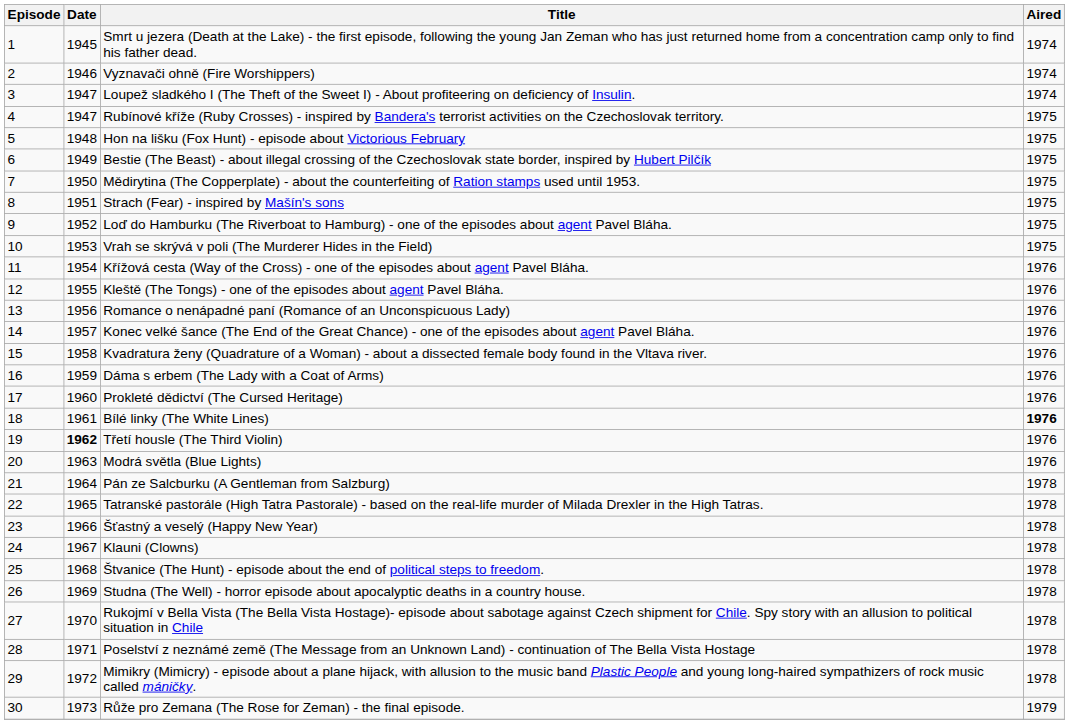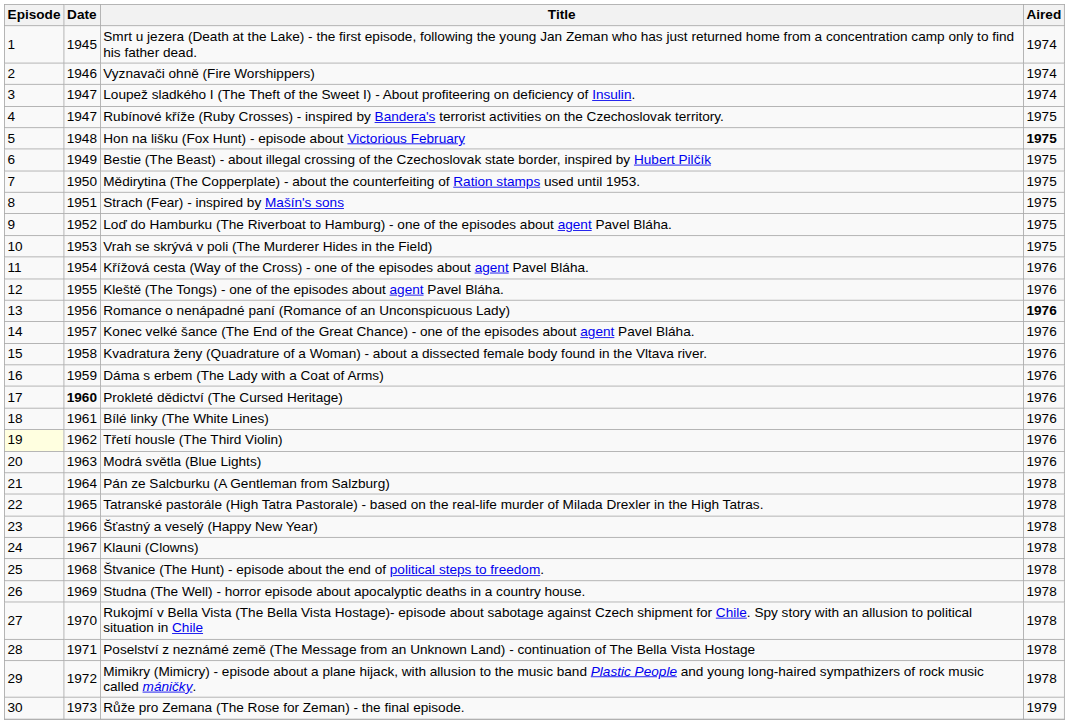 <table class="wikitable">
 <tr>
 <th>Episode</th>
 <th>Date</th>
 <th>Title</th>
 <th>Aired</th>
 </tr>
 <tr>
 <td>1</td>
 <td>1945</td>
 <td>Smrt u jezera (Death at the Lake) - the first episode, following the young Jan Zeman who has just returned home from a concentration camp only to find his father dead.</td>
 <td>1974</td>
 </tr>
 <tr>
 <td>2</td>
 <td>1946</td>
 <td>Vyznavači ohně (Fire Worshippers)</td>
 <td>1974</td>
 </tr>
 <tr>
 <td>3</td>
 <td>1947</td>
 <td>Loupež sladkého I (The Theft of the Sweet I) - About profiteering on deficiency of <a href='#'>Insulin</a>.</td>
 <td>1974</td>
 </tr>
 <tr>
 <td>4</td>
 <td>1947</td>
 <td>Rubínové kříže (Ruby Crosses) - inspired by <a href='#'>Bandera's</a> terrorist activities  on the Czechoslovak territory.</td>
 <td>1975</td>
 </tr>
 <tr>
 <td>5</td>
 <td>1948</td>
 <td>Hon na lišku (Fox Hunt) - episode about <a href='#'>Victorious February</a></td>
-<td>1975</td>
+<td><strong>1975</strong></td>
 </tr>
 <tr>
 <td>6</td>
 <td>1949</td>
 <td>Bestie (The Beast) - about illegal crossing of the Czechoslovak state border, inspired by <a href='#'>Hubert Pilčík</a></td>
 <td>1975</td>
 </tr>
 <tr>
 <td>7</td>
 <td>1950</td>
 <td>Mědirytina (The Copperplate) - about the counterfeiting of <a href='#'>Ration stamps</a> used until 1953.</td>
 <td>1975</td>
 </tr>
 <tr>
 <td>8</td>
 <td>1951</td>
 <td>Strach (Fear) - inspired by <a href='#'>Mašín's sons</a></td>
 <td>1975</td>
 </tr>
 <tr>
 <td>9</td>
 <td>1952</td>
 <td>Loď do Hamburku (The Riverboat to Hamburg) - one of the episodes about <a href='#'>agent</a> Pavel Bláha.</td>
 <td>1975</td>
 </tr>
 <tr>
 <td>10</td>
 <td>1953</td>
 <td>Vrah se skrývá v poli (The Murderer Hides in the Field)</td>
 <td>1975</td>
 </tr>
 <tr>
 <td>11</td>
 <td>1954</td>
 <td>Křížová cesta (Way of the Cross) - one of the episodes about <a href='#'>agent</a> Pavel Bláha.</td>
 <td>1976</td>
 </tr>
 <tr>
 <td>12</td>
 <td>1955</td>
 <td>Kleště (The Tongs) - one of the episodes about <a href='#'>agent</a> Pavel Bláha.</td>
 <td>1976</td>
 </tr>
 <tr>
 <td>13</td>
 <td>1956</td>
 <td>Romance o nenápadné paní (Romance of an Unconspicuous Lady)</td>
-<td>1976</td>
+<td><strong>1976</strong></td>
 </tr>
 <tr>
 <td>14</td>
 <td>1957</td>
 <td>Konec velké šance (The End of the Great Chance) - one of the episodes about <a href='#'>agent</a> Pavel Bláha.</td>
 <td>1976</td>
 </tr>
 <tr>
 <td>15</td>
 <td>1958</td>
 <td>Kvadratura ženy (Quadrature of a Woman) - about a dissected female body found in the Vltava river.</td>
 <td>1976</td>
 </tr>
 <tr>
 <td>16</td>
 <td>1959</td>
 <td>Dáma s erbem (The Lady with a Coat of Arms)</td>
 <td>1976</td>
 </tr>
 <tr>
 <td>17</td>
-<td>1960</td>
+<td><strong>1960</strong></td>
 <td>Prokleté dědictví (The Cursed Heritage)</td>
 <td>1976</td>
 </tr>
 <tr>
 <td>18</td>
 <td>1961</td>
 <td>Bílé linky (The White Lines)</td>
-<td><strong>1976</strong></td>
+<td>1976</td>
 </tr>
 <tr>
-<td>19</td>
-<td><strong>1962</strong></td>
+<td style="background: lightyellow;">19</td>
+<td>1962</td>
 <td>Třetí housle (The Third Violin)</td>
 <td>1976</td>
 </tr>
 <tr>
 <td>20</td>
 <td>1963</td>
 <td>Modrá světla (Blue Lights)</td>
 <td>1976</td>
 </tr>
 <tr>
 <td>21</td>
 <td>1964</td>
 <td>Pán ze Salcburku (A Gentleman from Salzburg)</td>
 <td>1978</td>
 </tr>
 <tr>
 <td>22</td>
 <td>1965</td>
 <td>Tatranské pastorále (High Tatra Pastorale) - based on the real-life murder of Milada Drexler in the High Tatras.</td>
 <td>1978</td>
 </tr>
 <tr>
 <td>23</td>
 <td>1966</td>
 <td>Šťastný a veselý (Happy New Year)</td>
 <td>1978</td>
 </tr>
 <tr>
 <td>24</td>
 <td>1967</td>
 <td>Klauni (Clowns)</td>
 <td>1978</td>
 </tr>
 <tr>
 <td>25</td>
 <td>1968</td>
 <td>Štvanice (The Hunt) - episode about the end of <a href='#'>political steps to freedom</a>.</td>
 <td>1978</td>
 </tr>
 <tr>
 <td>26</td>
 <td>1969</td>
 <td>Studna (The Well) - horror episode about apocalyptic deaths in a country house.</td>
 <td>1978</td>
 </tr>
 <tr>
 <td>27</td>
 <td>1970</td>
 <td>Rukojmí v Bella Vista (The Bella Vista Hostage)- episode about sabotage against Czech shipment for <a href='#'>Chile</a>. Spy story with an allusion to political situation in <a href='#'>Chile</a></td>
 <td>1978</td>
 </tr>
 <tr>
 <td>28</td>
 <td>1971</td>
 <td>Poselství z neznámé země (The Message from an Unknown Land) - continuation of The Bella Vista Hostage</td>
 <td>1978</td>
 </tr>
 <tr>
 <td>29</td>
 <td>1972</td>
 <td>Mimikry (Mimicry) - episode about a plane hijack, with allusion to the music band <em><a href='#'>Plastic People</a></em> and young long-haired sympathizers of rock music called <em><a href='#'>máničky</a></em>.</td>
 <td>1978</td>
 </tr>
 <tr>
 <td>30</td>
 <td>1973</td>
 <td>Růže pro Zemana (The Rose for Zeman) - the final episode.</td>
 <td>1979</td>
 </tr>
 <tr>
 </tr>
 </table>
